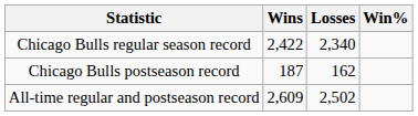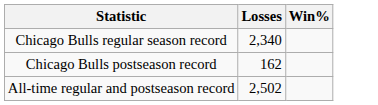 <table class="wikitable" style="text-align:center; font-size:95%">
 <tr>
 <th>Statistic</th>
-<th>Wins</th>
 <th>Losses</th>
 <th>Win%</th>
 </tr>
 <tr>
 <td>Chicago Bulls regular season record</td>
-<td align=right>2,422</td>
 <td align=right>2,340</td>
 <td></td>
 </tr>
 <tr>
 <td>Chicago Bulls postseason record</td>
-<td align=right>187</td>
 <td align=right>162</td>
 <td></td>
 </tr>
 <tr>
 <td>All-time regular and postseason record</td>
-<td align=right>2,609</td>
 <td align=right>2,502</td>
 <td></td>
 </tr>
 </table>
